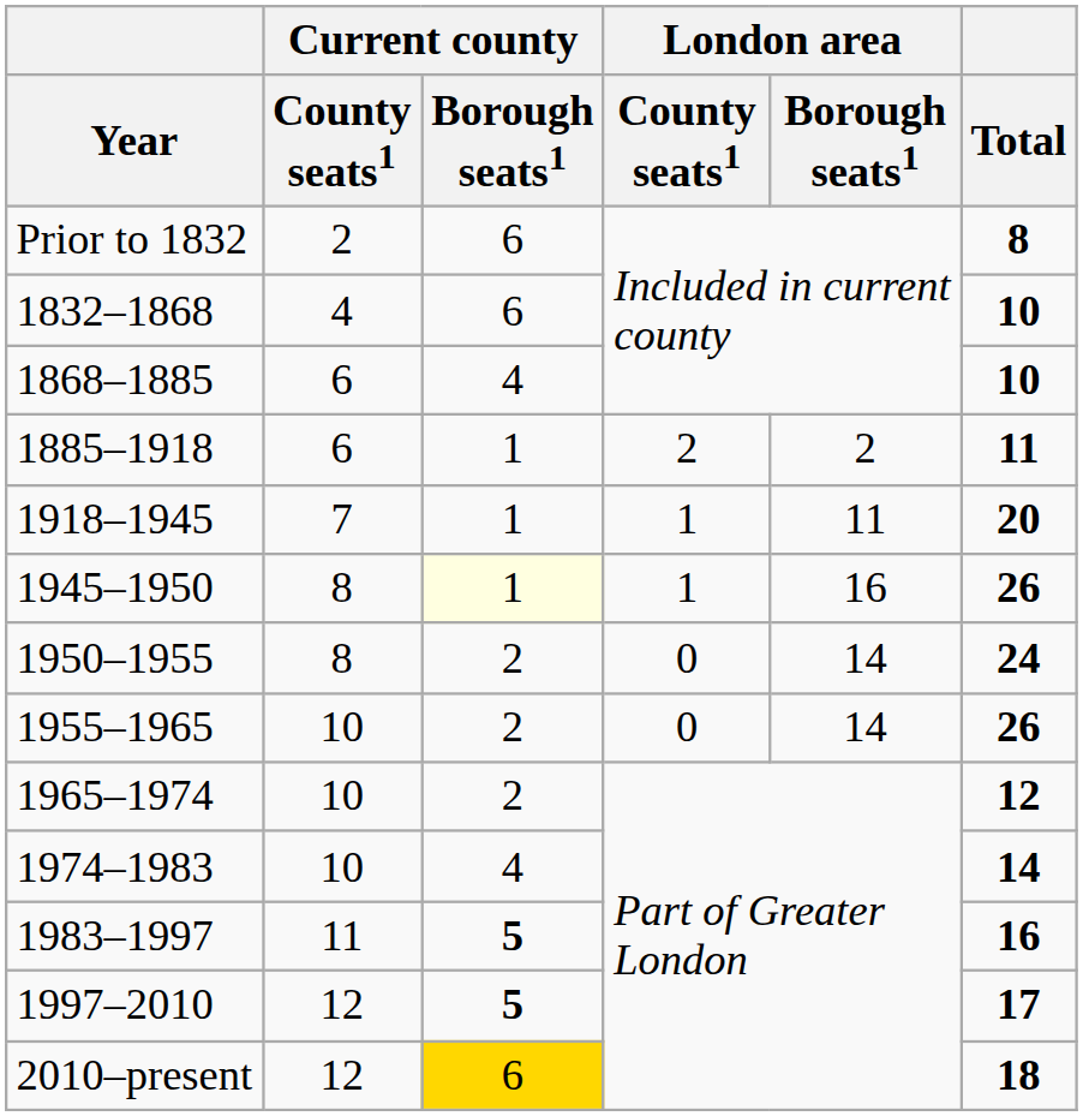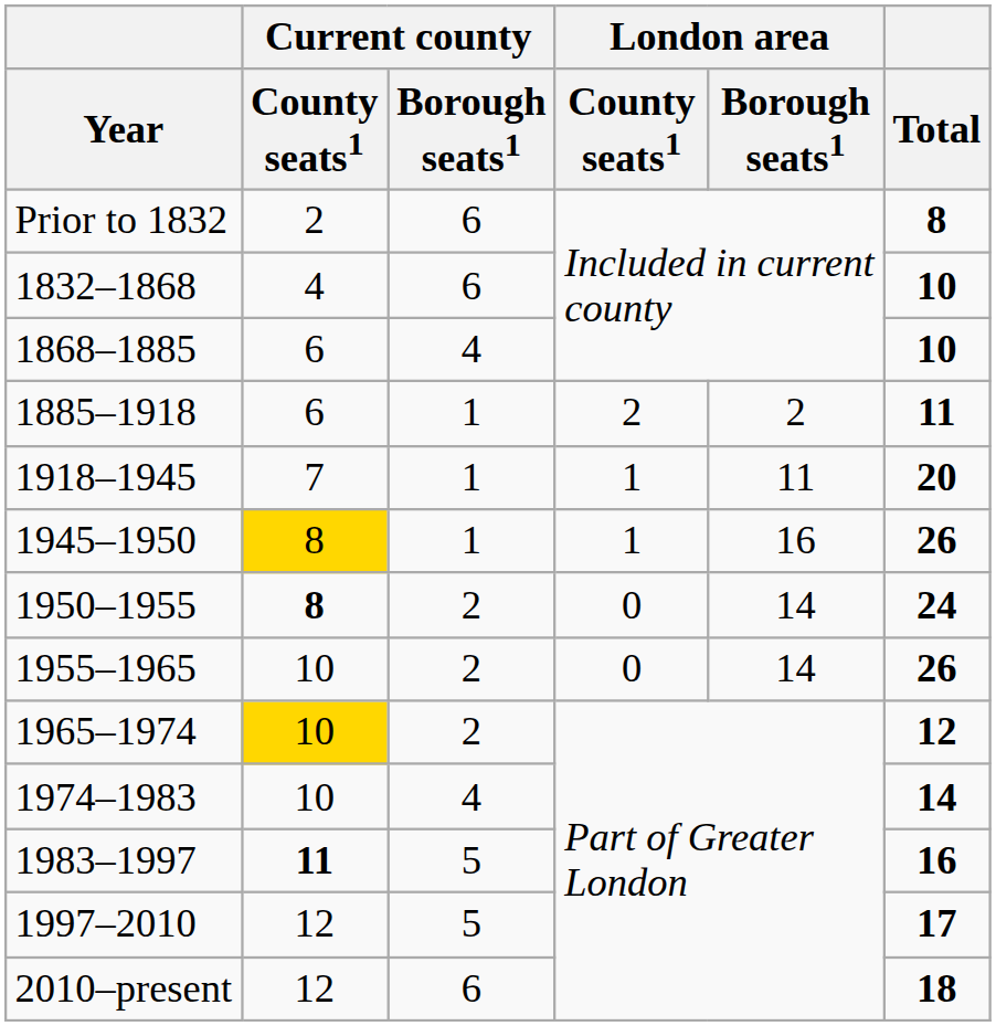 <table class="wikitable">
 <tr>
 <th></th>
 <th colspan="2">Current county</th>
 <th colspan="2">London area</th>
 <th></th>
 </tr>
 <tr>
 <th>Year</th>
 <th>County<br>seats<strong><sup>1</sup></strong></th>
 <th>Borough<br>seats<sup>1</sup></th>
 <th>County<br>seats<strong><sup>1</sup></strong></th>
 <th>Borough<br>seats<sup>1</sup></th>
 <th>Total</th>
 </tr>
 <tr>
 <td>Prior to 1832</td>
 <td align="center">2</td>
 <td align="center">6</td>
 <td rowspan="3" colspan="2"><em>Included in current</em><br><em>county</em></td>
 <td align="center"><strong>8</strong></td>
 </tr>
 <tr>
 <td>1832–1868</td>
 <td align="center">4</td>
 <td align="center">6</td>
 <td align="center"><strong>10</strong></td>
 </tr>
 <tr>
 <td>1868–1885</td>
 <td align="center">6</td>
 <td align="center">4</td>
 <td align="center"><strong>10</strong></td>
 </tr>
 <tr>
 <td>1885–1918</td>
 <td align="center">6</td>
 <td align="center">1</td>
 <td align="center">2</td>
 <td align="center">2</td>
 <td align="center"><strong>11</strong></td>
 </tr>
 <tr>
 <td>1918–1945</td>
 <td align="center">7</td>
 <td align="center">1</td>
 <td align="center">1</td>
 <td align="center">11</td>
 <td align="center"><strong>20</strong></td>
 </tr>
 <tr>
 <td>1945–1950</td>
-<td align="center">8</td>
-<td align="center" style="background: lightyellow;">1</td>
+<td align="center" style="background: gold;">8</td>
+<td align="center">1</td>
 <td align="center">1</td>
 <td align="center">16</td>
 <td align="center"><strong>26</strong></td>
 </tr>
 <tr>
 <td>1950–1955</td>
-<td align="center">8</td>
+<td align="center"><strong>8</strong></td>
 <td align="center">2</td>
 <td align="center">0</td>
 <td align="center">14</td>
 <td align="center"><strong>24</strong></td>
 </tr>
 <tr>
 <td>1955–1965</td>
 <td align="center">10</td>
 <td align="center">2</td>
 <td align="center">0</td>
 <td align="center">14</td>
 <td align="center"><strong>26</strong></td>
 </tr>
 <tr>
 <td>1965–1974</td>
-<td align="center">10</td>
+<td align="center" style="background: gold;">10</td>
 <td align="center">2</td>
 <td rowspan="5" colspan="2"><em>Part of Greater</em><br><em>London</em></td>
 <td align="center"><strong>12</strong></td>
 </tr>
 <tr>
 <td>1974–1983</td>
 <td align="center">10</td>
 <td align="center">4</td>
 <td align="center"><strong>14</strong></td>
 </tr>
 <tr>
 <td>1983–1997</td>
-<td align="center">11</td>
-<td align="center"><strong>5</strong></td>
+<td align="center"><strong>11</strong></td>
+<td align="center">5</td>
 <td align="center"><strong>16</strong></td>
 </tr>
 <tr>
 <td>1997–2010</td>
 <td align="center">12</td>
-<td align="center"><strong>5</strong></td>
+<td align="center">5</td>
 <td align="center"><strong>17</strong></td>
 </tr>
 <tr>
 <td>2010–present</td>
 <td align="center">12</td>
-<td align="center" style="background: gold;">6</td>
+<td align="center">6</td>
 <td align="center"><strong>18</strong></td>
 </tr>
 </table>
